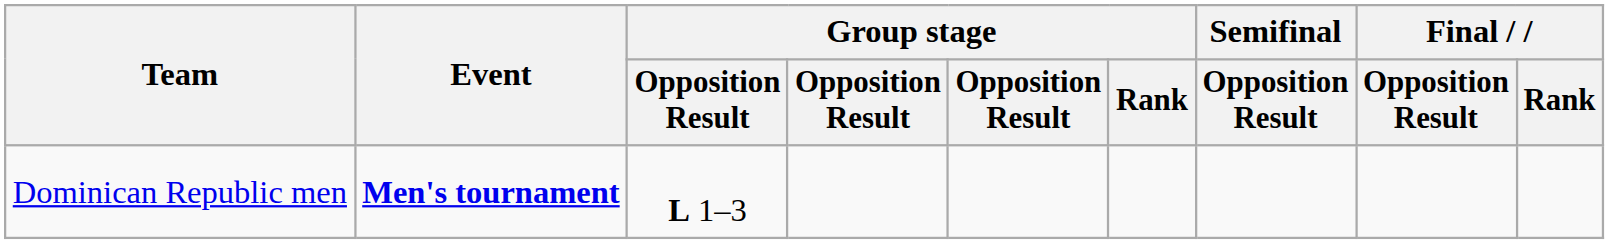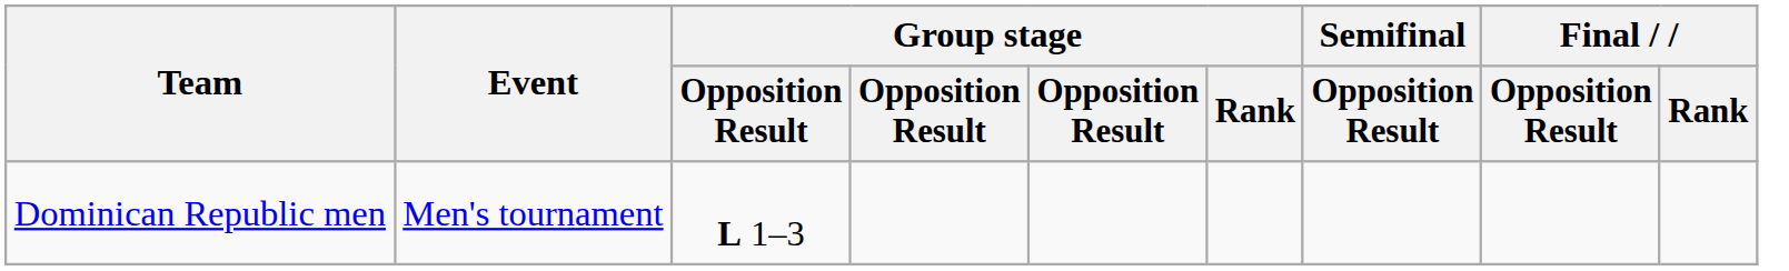 <table class=wikitable style=font-size:90%;text-align:center>
 <tr>
 <th rowspan=2>Team</th>
 <th rowspan=2>Event</th>
 <th colspan=4>Group stage</th>
 <th>Semifinal</th>
 <th colspan=2>Final /  / </th>
 </tr>
 <tr style=font-size:95%>
 <th>Opposition<br>Result</th>
 <th>Opposition<br>Result</th>
 <th>Opposition<br>Result</th>
 <th>Rank</th>
 <th>Opposition<br>Result</th>
 <th>Opposition<br>Result</th>
 <th>Rank</th>
 </tr>
 <tr>
 <td align=left><a href='#'>Dominican Republic men</a></td>
-<td align=left><strong><a href='#'>Men's tournament</a></strong></td>
+<td align=left><a href='#'>Men's tournament</a></td>
 <td><br><strong>L</strong> 1–3</td>
 <td><br></td>
 <td><br></td>
 <td></td>
 <td></td>
 <td></td>
 <td></td>
 </tr>
 </table>
